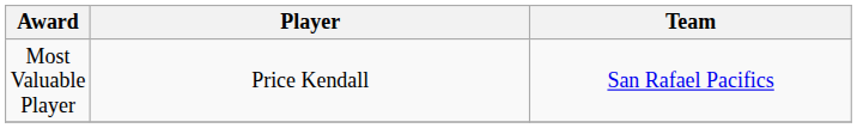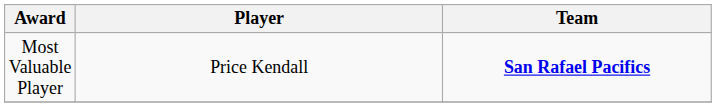 <table class="wikitable"  style="width:50%; text-align:center;">
 <tr>
 <th style="width:5%;">Award</th>
 <th style="width:55%;">Player</th>
 <th style="width:55%;">Team</th>
 </tr>
 <tr>
 <td>Most Valuable Player</td>
 <td>Price Kendall</td>
-<td><a href='#'>San Rafael Pacifics</a></td>
+<td><strong><a href='#'>San Rafael Pacifics</a></strong></td>
 </tr>
 <tr>
 </tr>
 </table>
